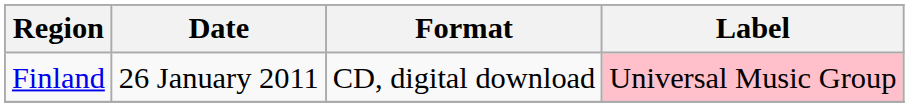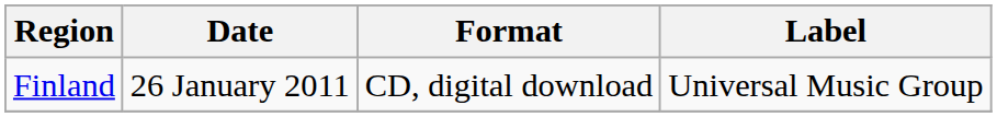 <table class=wikitable>
 <tr>
 <th>Region</th>
 <th>Date</th>
 <th>Format</th>
 <th>Label</th>
 </tr>
 <tr>
 <td><a href='#'>Finland</a></td>
 <td>26 January 2011</td>
 <td>CD, digital download</td>
-<td style="background: pink;">Universal Music Group</td>
+<td>Universal Music Group</td>
 </tr>
 <tr>
 </tr>
 </table>
